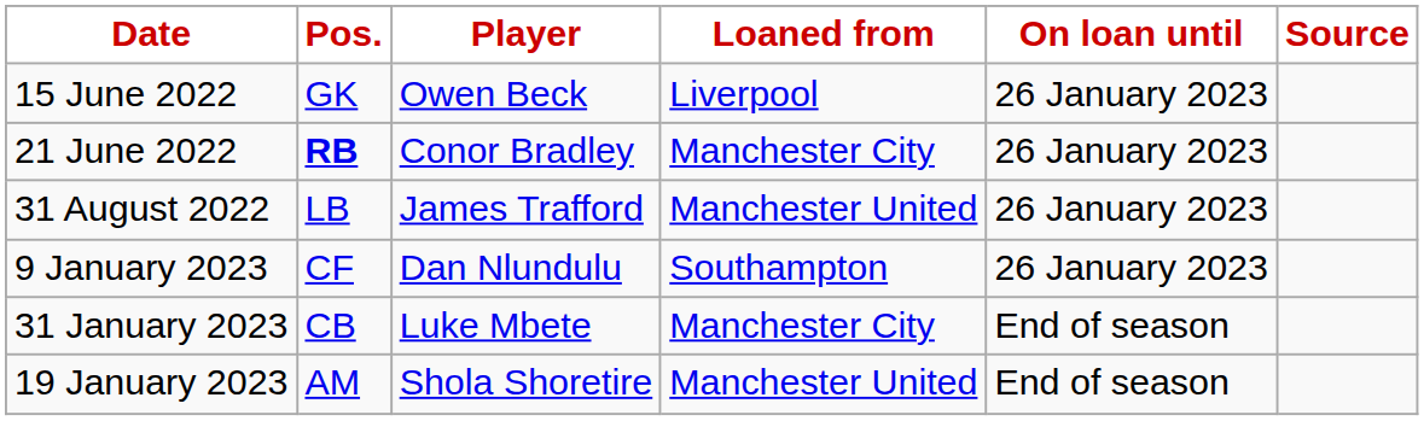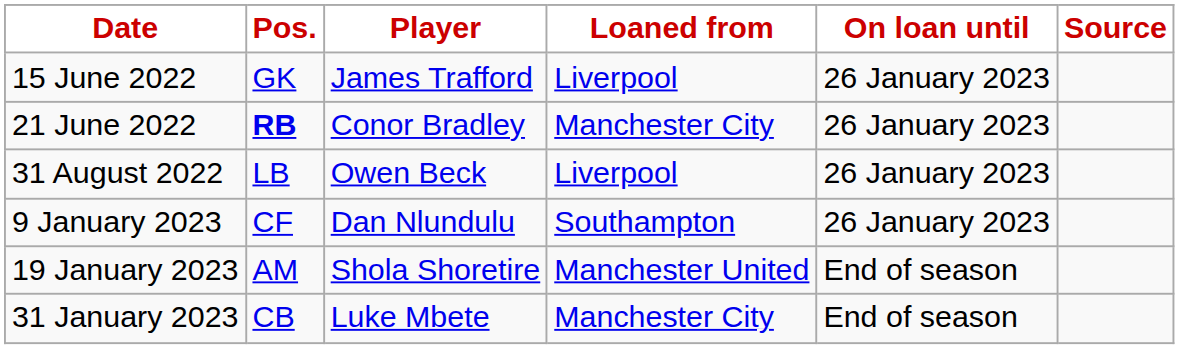 <table class="wikitable plainrowheaders sortable">
 <tr>
 <th style="background:#ffffff;color:#cc0000;">Date</th>
 <th style="background:#ffffff;color:#cc0000;">Pos.</th>
 <th style="background:#ffffff;color:#cc0000;">Player</th>
 <th style="background:#ffffff;color:#cc0000;">Loaned from</th>
 <th style="background:#ffffff;color:#cc0000;">On loan until</th>
 <th style="background:#ffffff;color:#cc0000;">Source</th>
 </tr>
 <tr>
 <td>15 June 2022</td>
 <td><a href='#'>GK</a></td>
-<td> <a href='#'>Owen Beck</a></td>
+<td> <a href='#'>James Trafford</a></td>
 <td> <a href='#'>Liverpool</a></td>
 <td>26 January 2023</td>
 <td></td>
 </tr>
 <tr>
 <td>21 June 2022</td>
 <td><strong><a href='#'>RB</a></strong></td>
 <td> <a href='#'>Conor Bradley</a></td>
 <td> <a href='#'>Manchester City</a></td>
 <td>26 January 2023</td>
 <td></td>
 </tr>
 <tr>
 <td>31 August 2022</td>
 <td><a href='#'>LB</a></td>
-<td> <a href='#'>James Trafford</a></td>
-<td> <a href='#'>Manchester United</a></td>
+<td> <a href='#'>Owen Beck</a></td>
+<td> <a href='#'>Liverpool</a></td>
 <td>26 January 2023</td>
 <td></td>
 </tr>
 <tr>
 <td>9 January 2023</td>
 <td><a href='#'>CF</a></td>
 <td> <a href='#'>Dan Nlundulu</a></td>
 <td> <a href='#'>Southampton</a></td>
 <td>26 January 2023</td>
 <td></td>
 </tr>
 <tr>
+<td>19 January 2023</td>
+<td><a href='#'>AM</a></td>
+<td> <a href='#'>Shola Shoretire</a></td>
+<td> <a href='#'>Manchester United</a></td>
+<td>End of season</td>
+<td></td>
+</tr>
+<tr>
 <td>31 January 2023</td>
 <td><a href='#'>CB</a></td>
 <td> <a href='#'>Luke Mbete</a></td>
 <td> <a href='#'>Manchester City</a></td>
 <td>End of season</td>
 <td></td>
 </tr>
-<tr>
-<td>19 January 2023</td>
-<td><a href='#'>AM</a></td>
-<td> <a href='#'>Shola Shoretire</a></td>
-<td> <a href='#'>Manchester United</a></td>
-<td>End of season</td>
-<td></td>
-</tr>
 </table>
